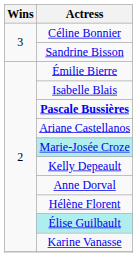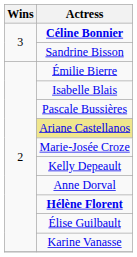 <table class="wikitable" style="text-align:center;">
 <tr>
 <th scope="col" width="1">Wins</th>
 <th scope="col" align="center">Actress</th>
 </tr>
 <tr>
 <td rowspan="2" style="text-align:center;">3</td>
-<td><a href='#'>Céline Bonnier</a></td>
+<td><strong><a href='#'>Céline Bonnier</a></strong></td>
 </tr>
 <tr>
 <td><a href='#'>Sandrine Bisson</a></td>
 </tr>
 <tr>
 <td rowspan="10" style="text-align:center;">2</td>
 <td><a href='#'>Émilie Bierre</a></td>
 </tr>
 <tr>
 <td><a href='#'>Isabelle Blais</a></td>
 </tr>
 <tr>
-<td><strong><a href='#'>Pascale Bussières</a></strong></td>
+<td><a href='#'>Pascale Bussières</a></td>
 </tr>
 <tr>
-<td><a href='#'>Ariane Castellanos</a></td>
+<td style="background: khaki;"><a href='#'>Ariane Castellanos</a></td>
 </tr>
 <tr>
-<td style="background: paleturquoise;"><a href='#'>Marie-Josée Croze</a></td>
+<td><a href='#'>Marie-Josée Croze</a></td>
 </tr>
 <tr>
 <td><a href='#'>Kelly Depeault</a></td>
 </tr>
 <tr>
 <td><a href='#'>Anne Dorval</a></td>
 </tr>
 <tr>
-<td><a href='#'>Hélène Florent</a></td>
+<td><strong><a href='#'>Hélène Florent</a></strong></td>
 </tr>
 <tr>
-<td style="background: paleturquoise;"><a href='#'>Élise Guilbault</a></td>
+<td><a href='#'>Élise Guilbault</a></td>
 </tr>
 <tr>
 <td><a href='#'>Karine Vanasse</a></td>
 </tr>
 <tr>
 </tr>
 </table>
